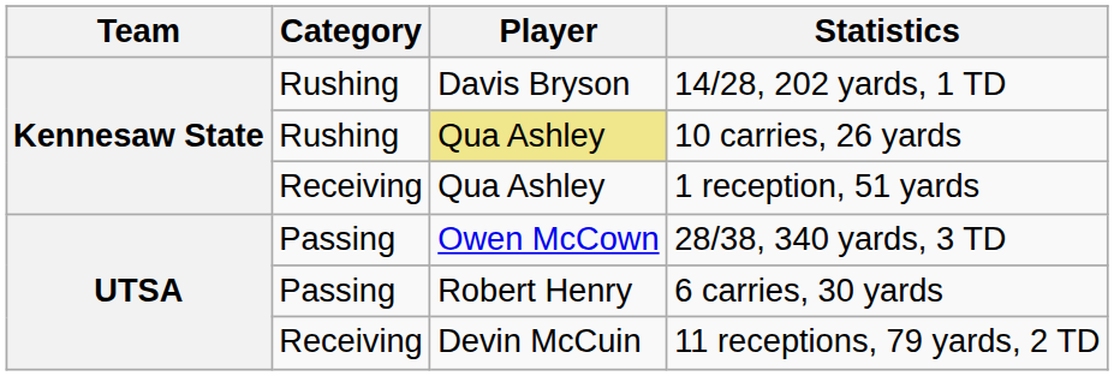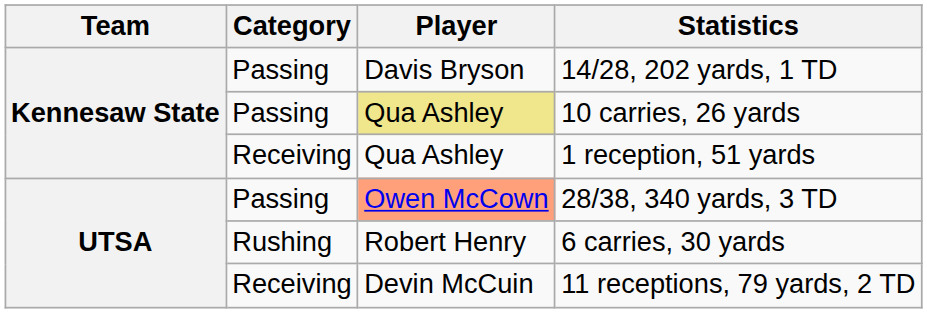 <table class="wikitable" style="float:right">
 <tr>
 <th>Team</th>
 <th>Category</th>
 <th>Player</th>
 <th>Statistics</th>
 </tr>
 <tr>
 <th rowspan=3>Kennesaw State</th>
-<td>Rushing</td>
+<td>Passing</td>
 <td>Davis Bryson</td>
 <td>14/28, 202 yards, 1 TD</td>
 </tr>
 <tr>
-<td>Rushing</td>
+<td>Passing</td>
 <td style="background: khaki;">Qua Ashley</td>
 <td>10 carries, 26 yards</td>
 </tr>
 <tr>
 <td>Receiving</td>
 <td>Qua Ashley</td>
 <td>1 reception, 51 yards</td>
 </tr>
 <tr>
 <th rowspan=3>UTSA</th>
 <td>Passing</td>
-<td><a href='#'>Owen McCown</a></td>
+<td style="background: lightsalmon;"><a href='#'>Owen McCown</a></td>
 <td>28/38, 340 yards, 3 TD</td>
 </tr>
 <tr>
-<td>Passing</td>
+<td>Rushing</td>
 <td>Robert Henry</td>
 <td>6 carries, 30 yards</td>
 </tr>
 <tr>
 <td>Receiving</td>
 <td>Devin McCuin</td>
 <td>11 receptions, 79 yards, 2 TD</td>
 </tr>
 </table>
